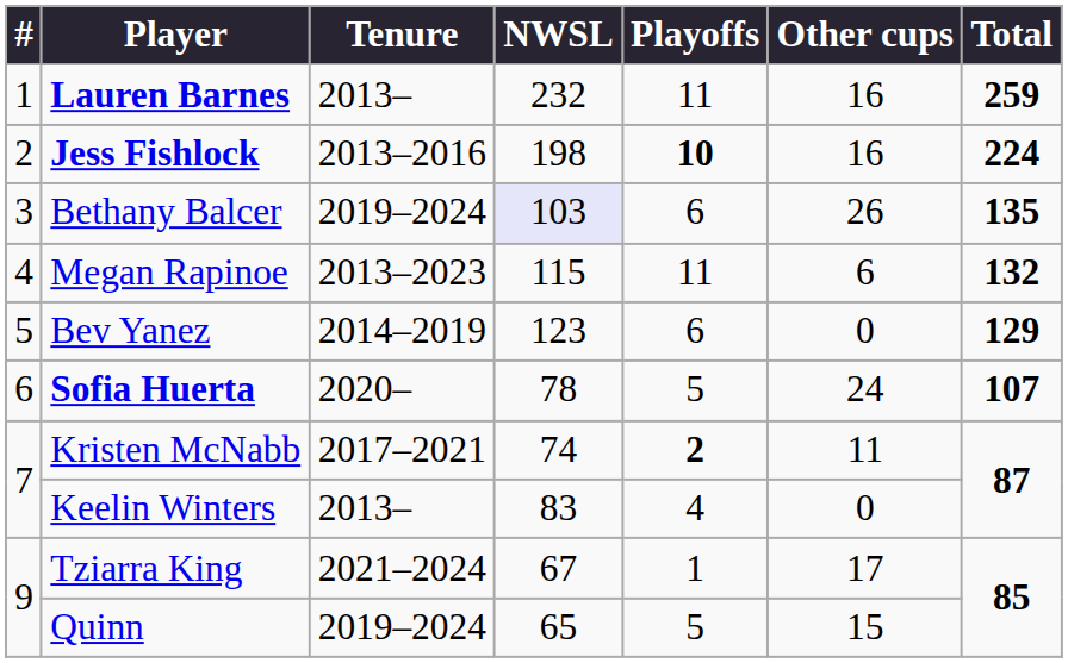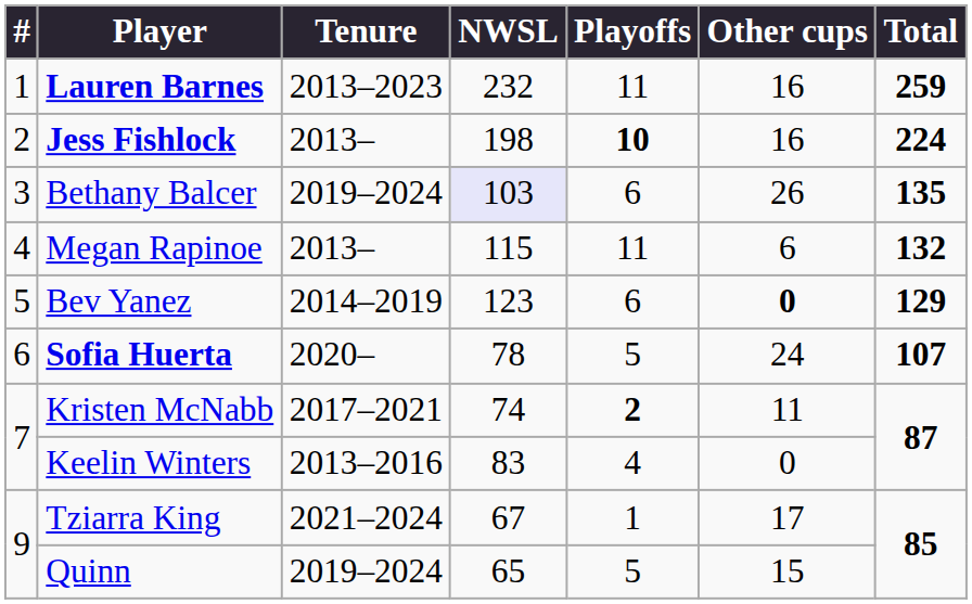 <table class="wikitable sortable" style="text-align:center;">
 <tr>
 <th style="background:#292431; color:#FFFFFF; ">#</th>
 <th style="background:#292431; color:#FFFFFF; ">Player</th>
 <th style="background:#292431; color:#FFFFFF; ">Tenure</th>
 <th style="background:#292431; color:#FFFFFF; ">NWSL</th>
 <th style="background:#292431; color:#FFFFFF; ">Playoffs</th>
 <th style="background:#292431; color:#FFFFFF; ">Other cups</th>
 <th style="background:#292431; color:#FFFFFF; ">Total</th>
 </tr>
 <tr>
 <td>1</td>
 <td align="left"> <strong><a href='#'>Lauren Barnes</a></strong></td>
-<td align="left">2013–</td>
+<td align="left">2013–2023</td>
 <td>232</td>
 <td>11</td>
 <td>16</td>
 <td><strong>259</strong></td>
 </tr>
 <tr>
 <td>2</td>
 <td align="left"> <strong><a href='#'>Jess Fishlock</a></strong></td>
-<td align="left">2013–2016</td>
+<td align="left">2013–</td>
 <td>198</td>
 <td><strong>10</strong></td>
 <td>16</td>
 <td><strong>224</strong></td>
 </tr>
 <tr>
 <td>3</td>
 <td align="left"> <a href='#'>Bethany Balcer</a></td>
 <td align="left">2019–2024</td>
 <td style="background: lavender;">103</td>
 <td>6</td>
 <td>26</td>
 <td><strong>135</strong></td>
 </tr>
 <tr>
 <td>4</td>
 <td align="left"> <a href='#'>Megan Rapinoe</a></td>
-<td align="left">2013–2023</td>
+<td align="left">2013–</td>
 <td>115</td>
 <td>11</td>
 <td>6</td>
 <td><strong>132</strong></td>
 </tr>
 <tr>
 <td>5</td>
 <td align="left"> <a href='#'>Bev Yanez</a></td>
 <td align="left">2014–2019</td>
 <td>123</td>
 <td>6</td>
-<td>0</td>
+<td><strong>0</strong></td>
 <td><strong>129</strong></td>
 </tr>
 <tr>
 <td>6</td>
 <td align="left"> <strong><a href='#'>Sofia Huerta</a></strong></td>
 <td align="left">2020–</td>
 <td>78</td>
 <td>5</td>
 <td>24</td>
 <td><strong>107</strong></td>
 </tr>
 <tr>
 <td rowspan="2">7</td>
 <td align="left"> <a href='#'>Kristen McNabb</a></td>
 <td align="left">2017–2021</td>
 <td>74</td>
 <td><strong>2</strong></td>
 <td>11</td>
 <td rowspan="2"><strong>87</strong></td>
 </tr>
 <tr>
 <td align="left"> <a href='#'>Keelin Winters</a></td>
-<td align="left">2013–</td>
+<td align="left">2013–2016</td>
 <td>83</td>
 <td>4</td>
 <td>0</td>
 </tr>
 <tr>
 <td rowspan="2">9</td>
 <td align="left"> <a href='#'>Tziarra King</a></td>
 <td align="left">2021–2024</td>
 <td>67</td>
 <td>1</td>
 <td>17</td>
 <td rowspan="2"><strong>85</strong></td>
 </tr>
 <tr>
 <td align="left"> <a href='#'>Quinn</a></td>
 <td align="left">2019–2024</td>
 <td>65</td>
 <td>5</td>
 <td>15</td>
 </tr>
 </table>
